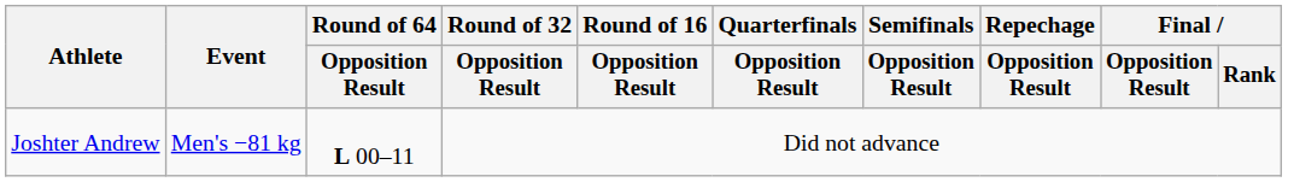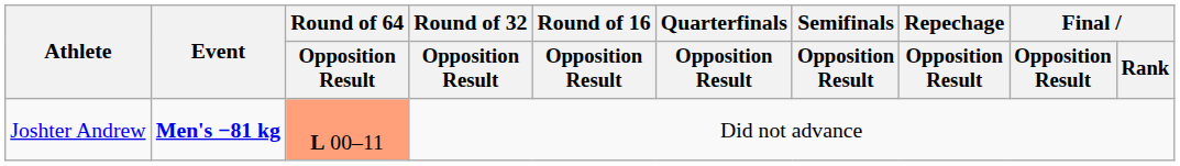 <table class="wikitable" style="font-size:90%">
 <tr>
 <th rowspan="2">Athlete</th>
 <th rowspan="2">Event</th>
 <th>Round of 64</th>
 <th>Round of 32</th>
 <th>Round of 16</th>
 <th>Quarterfinals</th>
 <th>Semifinals</th>
 <th>Repechage</th>
 <th colspan=2>Final / </th>
 </tr>
 <tr style="font-size:95%">
 <th>Opposition<br>Result</th>
 <th>Opposition<br>Result</th>
 <th>Opposition<br>Result</th>
 <th>Opposition<br>Result</th>
 <th>Opposition<br>Result</th>
 <th>Opposition<br>Result</th>
 <th>Opposition<br>Result</th>
 <th>Rank</th>
 </tr>
 <tr align=center>
 <td align=left><a href='#'>Joshter Andrew</a></td>
-<td align=left><a href='#'>Men's −81 kg</a></td>
-<td><br><strong>L</strong> 00–11</td>
+<td align=left><strong><a href='#'>Men's −81 kg</a></strong></td>
+<td style="background: lightsalmon;"><br><strong>L</strong> 00–11</td>
 <td colspan=7>Did not advance</td>
 </tr>
 </table>
